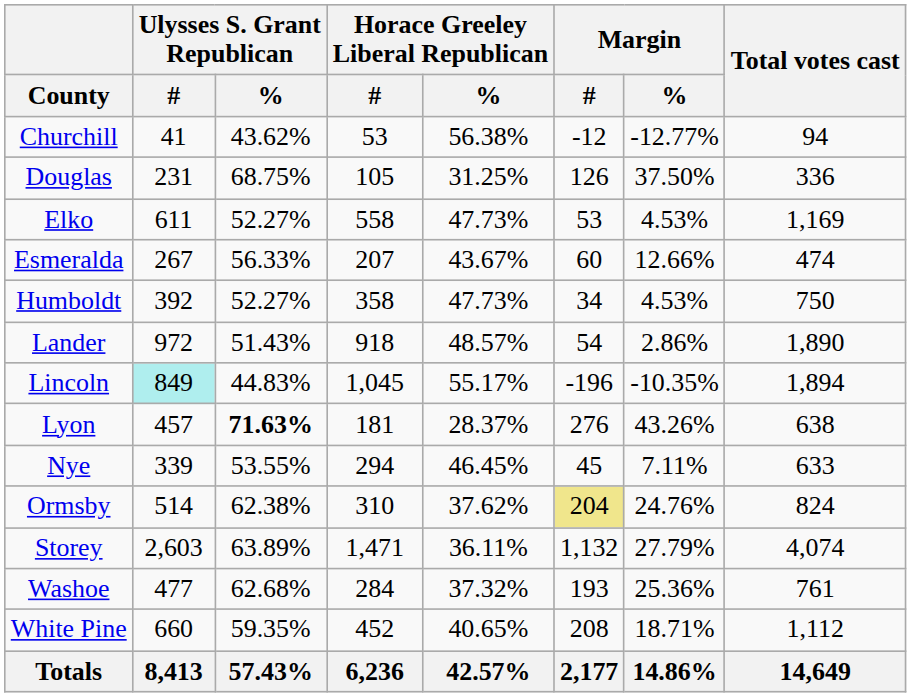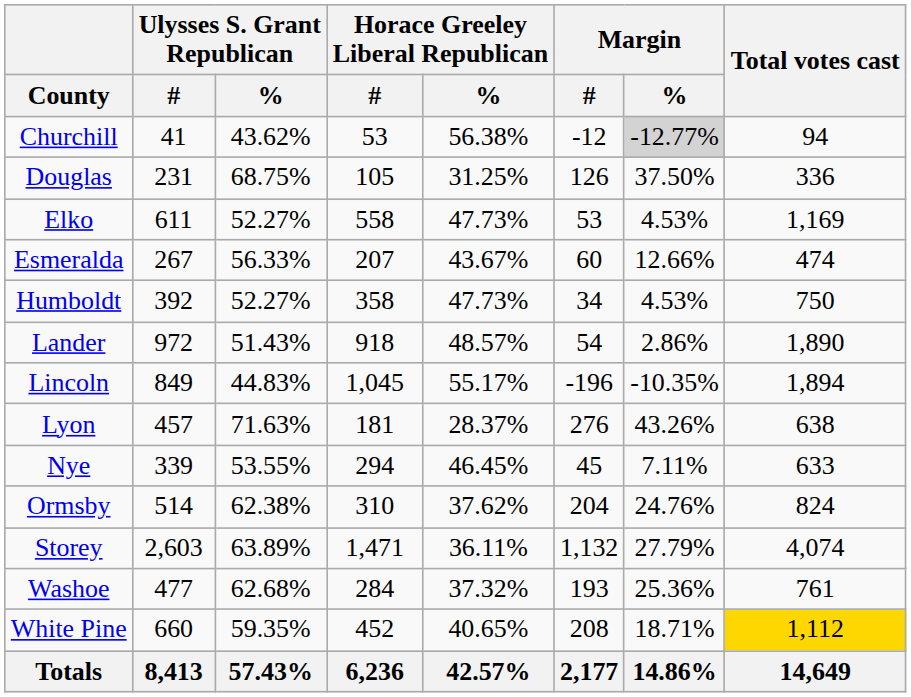 <table class="wikitable sortable" style="text-align:center">
 <tr>
 <th colspan=1></th>
 <th style="text-align:center;" colspan="2">Ulysses S. Grant<br>Republican</th>
 <th style="text-align:center;" colspan="2">Horace Greeley<br>Liberal Republican</th>
 <th style="text-align:center;" colspan="2">Margin</th>
 <th style="text-align:center;" rowspan="2">Total votes cast</th>
 </tr>
 <tr>
 <th align=center>County</th>
 <th style="text-align:center;" data-sort-type="number">#</th>
 <th style="text-align:center;" data-sort-type="number">%</th>
 <th style="text-align:center;" data-sort-type="number">#</th>
 <th style="text-align:center;" data-sort-type="number">%</th>
 <th style="text-align:center;" data-sort-type="number">#</th>
 <th style="text-align:center;" data-sort-type="number">%</th>
 </tr>
 <tr style="text-align:center;">
 <td><a href='#'>Churchill</a></td>
 <td>41</td>
 <td>43.62%</td>
 <td>53</td>
 <td>56.38%</td>
 <td>-12</td>
-<td>-12.77%</td>
+<td style="background: lightgrey;">-12.77%</td>
 <td>94</td>
 </tr>
 <tr style="text-align:center;">
 <td><a href='#'>Douglas</a></td>
 <td>231</td>
 <td>68.75%</td>
 <td>105</td>
 <td>31.25%</td>
 <td>126</td>
 <td>37.50%</td>
 <td>336</td>
 </tr>
 <tr style="text-align:center;">
 <td><a href='#'>Elko</a></td>
 <td>611</td>
 <td>52.27%</td>
 <td>558</td>
 <td>47.73%</td>
 <td>53</td>
 <td>4.53%</td>
 <td>1,169</td>
 </tr>
 <tr style="text-align:center;">
 <td><a href='#'>Esmeralda</a></td>
 <td>267</td>
 <td>56.33%</td>
 <td>207</td>
 <td>43.67%</td>
 <td>60</td>
 <td>12.66%</td>
 <td>474</td>
 </tr>
 <tr style="text-align:center;">
 <td><a href='#'>Humboldt</a></td>
 <td>392</td>
 <td>52.27%</td>
 <td>358</td>
 <td>47.73%</td>
 <td>34</td>
 <td>4.53%</td>
 <td>750</td>
 </tr>
 <tr style="text-align:center;">
 <td><a href='#'>Lander</a></td>
 <td>972</td>
 <td>51.43%</td>
 <td>918</td>
 <td>48.57%</td>
 <td>54</td>
 <td>2.86%</td>
 <td>1,890</td>
 </tr>
 <tr style="text-align:center;">
 <td><a href='#'>Lincoln</a></td>
-<td style="background: paleturquoise;">849</td>
+<td>849</td>
 <td>44.83%</td>
 <td>1,045</td>
 <td>55.17%</td>
 <td>-196</td>
 <td>-10.35%</td>
 <td>1,894</td>
 </tr>
 <tr style="text-align:center;">
 <td><a href='#'>Lyon</a></td>
 <td>457</td>
-<td><strong>71.63%</strong></td>
+<td>71.63%</td>
 <td>181</td>
 <td>28.37%</td>
 <td>276</td>
 <td>43.26%</td>
 <td>638</td>
 </tr>
 <tr style="text-align:center;">
 <td><a href='#'>Nye</a></td>
 <td>339</td>
 <td>53.55%</td>
 <td>294</td>
 <td>46.45%</td>
 <td>45</td>
 <td>7.11%</td>
 <td>633</td>
 </tr>
 <tr style="text-align:center;">
 <td><a href='#'>Ormsby</a></td>
 <td>514</td>
 <td>62.38%</td>
 <td>310</td>
 <td>37.62%</td>
-<td style="background: khaki;">204</td>
+<td>204</td>
 <td>24.76%</td>
 <td>824</td>
 </tr>
 <tr style="text-align:center;">
 <td><a href='#'>Storey</a></td>
 <td>2,603</td>
 <td>63.89%</td>
 <td>1,471</td>
 <td>36.11%</td>
 <td>1,132</td>
 <td>27.79%</td>
 <td>4,074</td>
 </tr>
 <tr style="text-align:center;">
 <td><a href='#'>Washoe</a></td>
 <td>477</td>
 <td>62.68%</td>
 <td>284</td>
 <td>37.32%</td>
 <td>193</td>
 <td>25.36%</td>
 <td>761</td>
 </tr>
 <tr style="text-align:center;">
 <td><a href='#'>White Pine</a></td>
 <td>660</td>
 <td>59.35%</td>
 <td>452</td>
 <td>40.65%</td>
 <td>208</td>
 <td>18.71%</td>
-<td>1,112</td>
+<td style="background: gold;">1,112</td>
 </tr>
 <tr style="text-align:center;">
 <th>Totals</th>
 <th>8,413</th>
 <th>57.43%</th>
 <th>6,236</th>
 <th>42.57%</th>
 <th>2,177</th>
 <th>14.86%</th>
 <th>14,649</th>
 </tr>
 </table>
